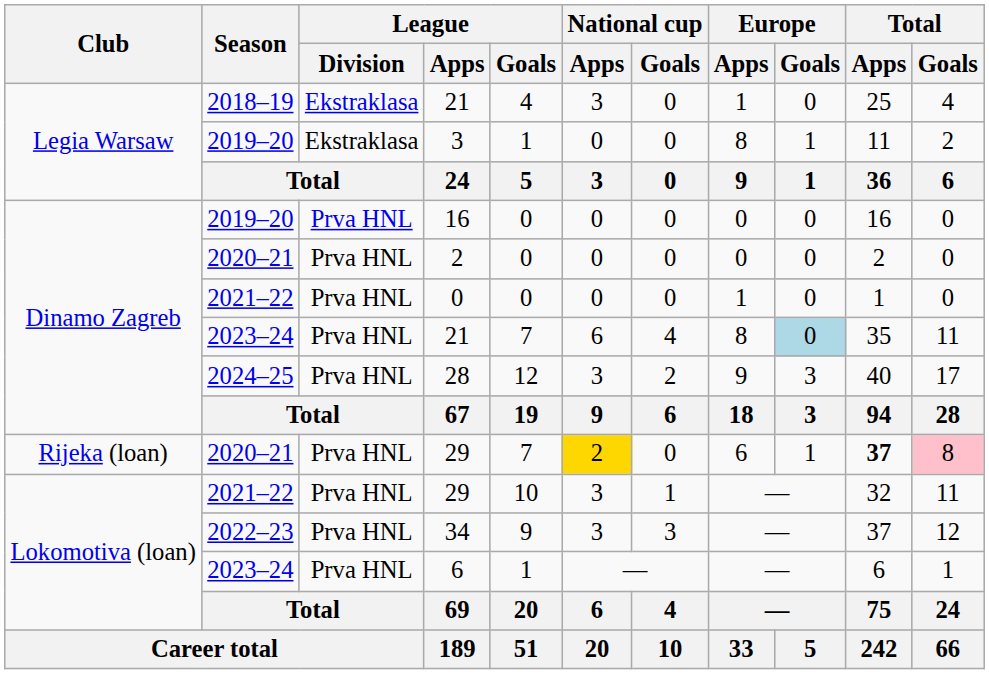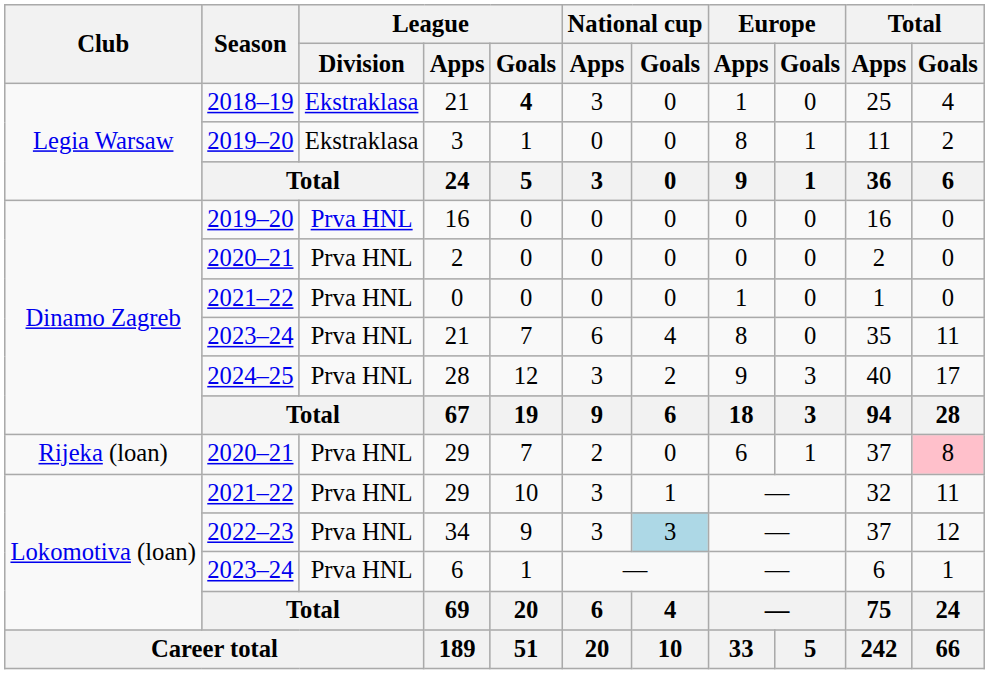 <table class="wikitable" style="text-align: center;">
 <tr>
 <th rowspan="2">Club</th>
 <th rowspan="2">Season</th>
 <th colspan="3">League</th>
 <th colspan="2">National cup</th>
 <th colspan="2">Europe</th>
 <th colspan="2">Total</th>
 </tr>
 <tr>
 <th>Division</th>
 <th>Apps</th>
 <th>Goals</th>
 <th>Apps</th>
 <th>Goals</th>
 <th>Apps</th>
 <th>Goals</th>
 <th>Apps</th>
 <th>Goals</th>
 </tr>
 <tr>
 <td rowspan="3"><a href='#'>Legia Warsaw</a></td>
 <td><a href='#'>2018–19</a></td>
 <td><a href='#'>Ekstraklasa</a></td>
 <td>21</td>
-<td>4</td>
+<td><strong>4</strong></td>
 <td>3</td>
 <td>0</td>
 <td>1</td>
 <td>0</td>
 <td>25</td>
 <td>4</td>
 </tr>
 <tr>
 <td><a href='#'>2019–20</a></td>
 <td>Ekstraklasa</td>
 <td>3</td>
 <td>1</td>
 <td>0</td>
 <td>0</td>
 <td>8</td>
 <td>1</td>
 <td>11</td>
 <td>2</td>
 </tr>
 <tr>
 <th colspan="2">Total</th>
 <th>24</th>
 <th>5</th>
 <th>3</th>
 <th>0</th>
 <th>9</th>
 <th>1</th>
 <th>36</th>
 <th>6</th>
 </tr>
 <tr>
 <td rowspan="6"><a href='#'>Dinamo Zagreb</a></td>
 <td><a href='#'>2019–20</a></td>
 <td><a href='#'>Prva HNL</a></td>
 <td>16</td>
 <td>0</td>
 <td>0</td>
 <td>0</td>
 <td>0</td>
 <td>0</td>
 <td>16</td>
 <td>0</td>
 </tr>
 <tr>
 <td><a href='#'>2020–21</a></td>
 <td>Prva HNL</td>
 <td>2</td>
 <td>0</td>
 <td>0</td>
 <td>0</td>
 <td>0</td>
 <td>0</td>
 <td>2</td>
 <td>0</td>
 </tr>
 <tr>
 <td><a href='#'>2021–22</a></td>
 <td>Prva HNL</td>
 <td>0</td>
 <td>0</td>
 <td>0</td>
 <td>0</td>
 <td>1</td>
 <td>0</td>
 <td>1</td>
 <td>0</td>
 </tr>
 <tr>
 <td><a href='#'>2023–24</a></td>
 <td>Prva HNL</td>
 <td>21</td>
 <td>7</td>
 <td>6</td>
 <td>4</td>
 <td>8</td>
-<td style="background: lightblue;">0</td>
+<td>0</td>
 <td>35</td>
 <td>11</td>
 </tr>
 <tr>
 <td><a href='#'>2024–25</a></td>
 <td>Prva HNL</td>
 <td>28</td>
 <td>12</td>
 <td>3</td>
 <td>2</td>
 <td>9</td>
 <td>3</td>
 <td>40</td>
 <td>17</td>
 </tr>
 <tr>
 <th colspan="2">Total</th>
 <th>67</th>
 <th>19</th>
 <th>9</th>
 <th>6</th>
 <th>18</th>
 <th>3</th>
 <th>94</th>
 <th>28</th>
 </tr>
 <tr>
 <td><a href='#'>Rijeka</a> (loan)</td>
 <td><a href='#'>2020–21</a></td>
 <td>Prva HNL</td>
 <td>29</td>
 <td>7</td>
-<td style="background: gold;">2</td>
+<td>2</td>
 <td>0</td>
 <td>6</td>
 <td>1</td>
-<td><strong>37</strong></td>
+<td>37</td>
 <td style="background: pink;">8</td>
 </tr>
 <tr>
 <td rowspan="4"><a href='#'>Lokomotiva</a> (loan)</td>
 <td><a href='#'>2021–22</a></td>
 <td>Prva HNL</td>
 <td>29</td>
 <td>10</td>
 <td>3</td>
 <td>1</td>
 <td colspan="2">—</td>
 <td>32</td>
 <td>11</td>
 </tr>
 <tr>
 <td><a href='#'>2022–23</a></td>
 <td>Prva HNL</td>
 <td>34</td>
 <td>9</td>
 <td>3</td>
-<td>3</td>
+<td style="background: lightblue;">3</td>
 <td colspan="2">—</td>
 <td>37</td>
 <td>12</td>
 </tr>
 <tr>
 <td><a href='#'>2023–24</a></td>
 <td>Prva HNL</td>
 <td>6</td>
 <td>1</td>
 <td colspan="2">—</td>
 <td colspan="2">—</td>
 <td>6</td>
 <td>1</td>
 </tr>
 <tr>
 <th colspan="2">Total</th>
 <th>69</th>
 <th>20</th>
 <th>6</th>
 <th>4</th>
 <th colspan="2">—</th>
 <th>75</th>
 <th>24</th>
 </tr>
 <tr>
 <th colspan="3">Career total</th>
 <th>189</th>
 <th>51</th>
 <th>20</th>
 <th>10</th>
 <th>33</th>
 <th>5</th>
 <th>242</th>
 <th>66</th>
 </tr>
 </table>
